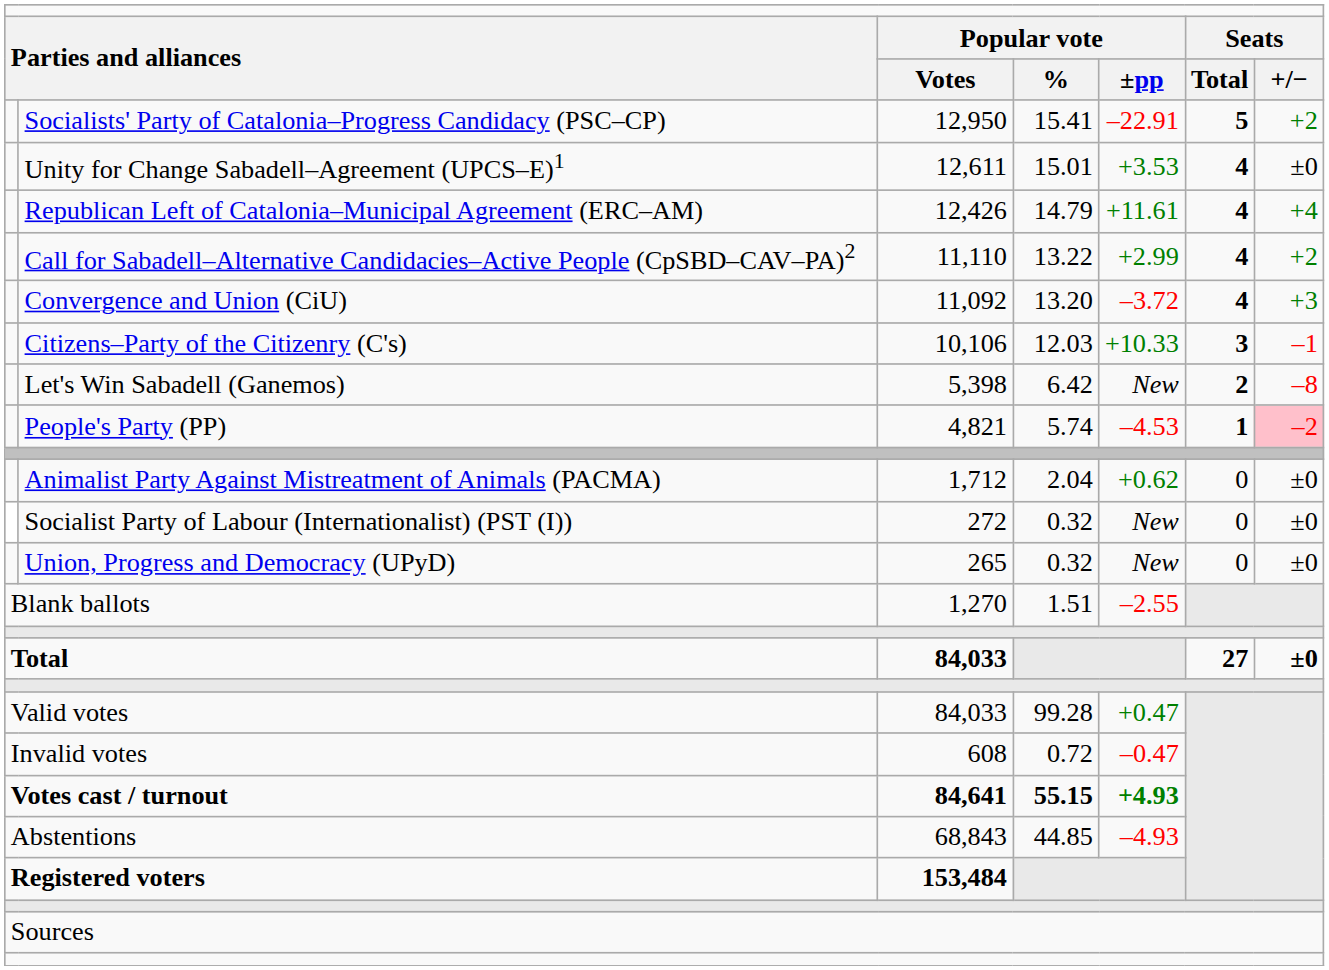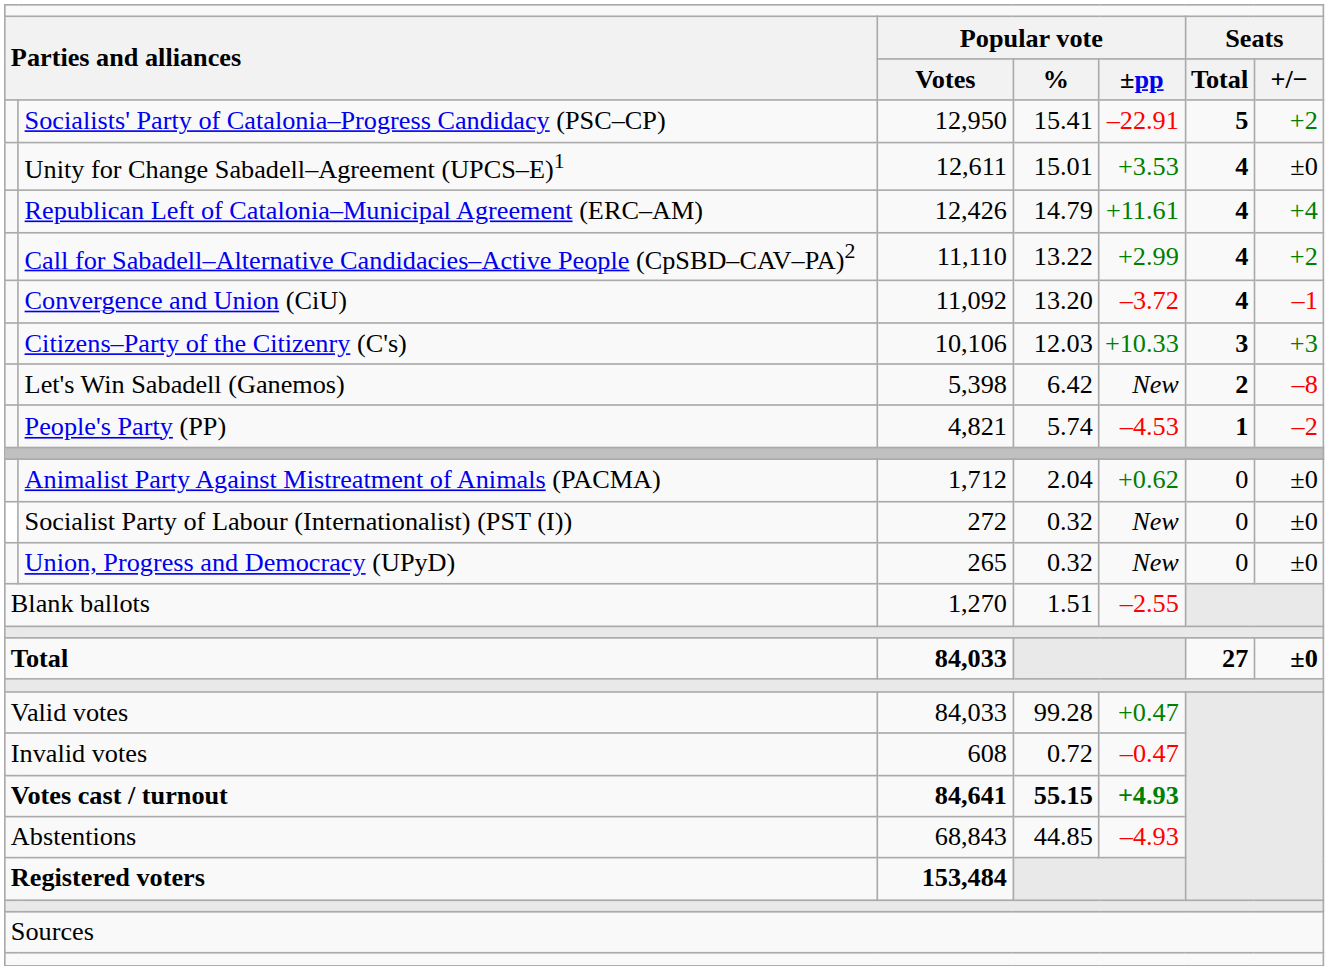 <table class="wikitable" style="text-align:right;">
 <tr>
 <td colspan="7"></td>
 </tr>
 <tr>
 <th style="text-align:left;" rowspan="2" colspan="2" width="525">Parties and alliances</th>
 <th colspan="3">Popular vote</th>
 <th colspan="2">Seats</th>
 </tr>
 <tr>
 <th width="75">Votes</th>
 <th width="45">%</th>
 <th width="45">±<a href='#'>pp</a></th>
 <th width="35">Total</th>
 <th width="35">+/−</th>
 </tr>
 <tr>
 <td width="1" style="color:inherit;background:"></td>
 <td align="left"><a href='#'>Socialists' Party of Catalonia–Progress Candidacy</a> (PSC–CP)</td>
 <td>12,950</td>
 <td>15.41</td>
 <td style="color:red;">–22.91</td>
 <td><strong>5</strong></td>
 <td style="color:green;">+2</td>
 </tr>
 <tr>
 <td style="color:inherit;background:"></td>
 <td align="left">Unity for Change Sabadell–Agreement (UPCS–E)<sup>1</sup></td>
 <td>12,611</td>
 <td>15.01</td>
 <td style="color:green;">+3.53</td>
 <td><strong>4</strong></td>
 <td>±0</td>
 </tr>
 <tr>
 <td style="color:inherit;background:"></td>
 <td align="left"><a href='#'>Republican Left of Catalonia–Municipal Agreement</a> (ERC–AM)</td>
 <td>12,426</td>
 <td>14.79</td>
 <td style="color:green;">+11.61</td>
 <td><strong>4</strong></td>
 <td style="color:green;">+4</td>
 </tr>
 <tr>
 <td style="color:inherit;background:"></td>
 <td align="left"><a href='#'>Call for Sabadell–Alternative Candidacies–Active People</a> (CpSBD–CAV–PA)<sup>2</sup></td>
 <td>11,110</td>
 <td>13.22</td>
 <td style="color:green;">+2.99</td>
 <td><strong>4</strong></td>
 <td style="color:green;">+2</td>
 </tr>
 <tr>
 <td style="color:inherit;background:"></td>
 <td align="left"><a href='#'>Convergence and Union</a> (CiU)</td>
 <td>11,092</td>
 <td>13.20</td>
 <td style="color:red;">–3.72</td>
 <td><strong>4</strong></td>
-<td style="color:green;">+3</td>
+<td style="color:red;">–1</td>
 </tr>
 <tr>
 <td style="color:inherit;background:"></td>
 <td align="left"><a href='#'>Citizens–Party of the Citizenry</a> (C's)</td>
 <td>10,106</td>
 <td>12.03</td>
 <td style="color:green;">+10.33</td>
 <td><strong>3</strong></td>
-<td style="color:red;">–1</td>
+<td style="color:green;">+3</td>
 </tr>
 <tr>
 <td style="color:inherit;background:"></td>
 <td align="left">Let's Win Sabadell (Ganemos)</td>
 <td>5,398</td>
 <td>6.42</td>
 <td><em>New</em></td>
 <td><strong>2</strong></td>
 <td style="color:red;">–8</td>
 </tr>
 <tr>
 <td style="color:inherit;background:"></td>
 <td align="left"><a href='#'>People's Party</a> (PP)</td>
 <td>4,821</td>
 <td>5.74</td>
 <td style="color:red;">–4.53</td>
 <td><strong>1</strong></td>
-<td style="background: pink; color:red;">–2</td>
+<td style="color:red;">–2</td>
 </tr>
 <tr>
 <td colspan="7" style="color:inherit;background:#C0C0C0"></td>
 </tr>
 <tr>
 <td style="color:inherit;background:"></td>
 <td align="left"><a href='#'>Animalist Party Against Mistreatment of Animals</a> (PACMA)</td>
 <td>1,712</td>
 <td>2.04</td>
 <td style="color:green;">+0.62</td>
 <td>0</td>
 <td>±0</td>
 </tr>
 <tr>
 <td bgcolor="white"></td>
 <td align="left">Socialist Party of Labour (Internationalist) (PST (I))</td>
 <td>272</td>
 <td>0.32</td>
 <td><em>New</em></td>
 <td>0</td>
 <td>±0</td>
 </tr>
 <tr>
 <td style="color:inherit;background:"></td>
 <td align="left"><a href='#'>Union, Progress and Democracy</a> (UPyD)</td>
 <td>265</td>
 <td>0.32</td>
 <td><em>New</em></td>
 <td>0</td>
 <td>±0</td>
 </tr>
 <tr>
 <td align="left" colspan="2">Blank ballots</td>
 <td>1,270</td>
 <td>1.51</td>
 <td style="color:red;">–2.55</td>
 <td style="color:inherit;background:#E9E9E9" colspan="2"></td>
 </tr>
 <tr>
 <td colspan="7" style="color:inherit;background:#E9E9E9"></td>
 </tr>
 <tr style="font-weight:bold;">
 <td align="left" colspan="2">Total</td>
 <td>84,033</td>
 <td bgcolor="#E9E9E9" colspan="2"></td>
 <td>27</td>
 <td>±0</td>
 </tr>
 <tr>
 <td colspan="7" style="color:inherit;background:#E9E9E9"></td>
 </tr>
 <tr>
 <td align="left" colspan="2">Valid votes</td>
 <td>84,033</td>
 <td>99.28</td>
 <td style="color:green;">+0.47</td>
 <td bgcolor="#E9E9E9" colspan="2" rowspan="5"></td>
 </tr>
 <tr>
 <td align="left" colspan="2">Invalid votes</td>
 <td>608</td>
 <td>0.72</td>
 <td style="color:red;">–0.47</td>
 </tr>
 <tr style="font-weight:bold;">
 <td align="left" colspan="2">Votes cast / turnout</td>
 <td>84,641</td>
 <td>55.15</td>
 <td style="color:green;">+4.93</td>
 </tr>
 <tr>
 <td align="left" colspan="2">Abstentions</td>
 <td>68,843</td>
 <td>44.85</td>
 <td style="color:red;">–4.93</td>
 </tr>
 <tr style="font-weight:bold;">
 <td align="left" colspan="2">Registered voters</td>
 <td>153,484</td>
 <td bgcolor="#E9E9E9" colspan="2"></td>
 </tr>
 <tr>
 <td colspan="7" style="color:inherit;background:#E9E9E9"></td>
 </tr>
 <tr>
 <td align="left" colspan="7">Sources</td>
 </tr>
 <tr>
 <td colspan="7" style="text-align:left; max-width:790px;"></td>
 </tr>
 </table>
